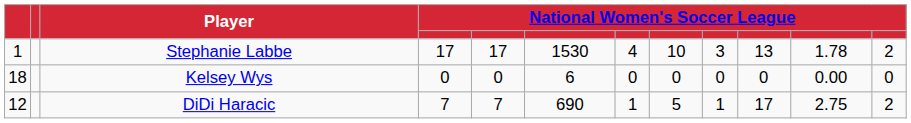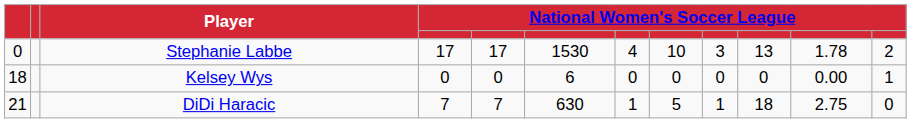 <table class="wikitable" style="text-align:center;">
 <tr>
 <td rowspan="2"  style="color:white; background:#D52635; width:1%; text-align:center;"><strong></strong></td>
 <td rowspan="2"  style="color:white; background:#D52635; width:1%; text-align:center;"><strong></strong></td>
 <td rowspan="2"  style="color:white; background:#D52635; width:42%; text-align:center;"><strong>Player</strong></td>
 <td colspan="9" style="color:white; background:#D52635; text-align:center;"><strong><a href='#'>National Women's Soccer League</a></strong></td>
 </tr>
 <tr>
 <th style="color:white; background:#D52635; width=60"></th>
 <th style="color:white; background:#D52635; width=60"></th>
 <th style="color:white; background:#D52635; width=60"></th>
 <th style="color:white; background:#D52635; width=60"></th>
 <th style="color:white; background:#D52635; width=60"></th>
 <th style="color:white; background:#D52635; width=60"></th>
 <th style="color:white; background:#D52635; width=60"></th>
 <th style="color:white; background:#D52635; width=60"></th>
 <th style="color:white; background:#D52635; width=60"></th>
 </tr>
 <tr>
-<td>1</td>
+<td>0</td>
 <td></td>
 <td><a href='#'>Stephanie Labbe</a></td>
 <td>17</td>
 <td>17</td>
 <td>1530</td>
 <td>4</td>
 <td>10</td>
 <td>3</td>
 <td>13</td>
 <td>1.78</td>
 <td>2</td>
 </tr>
 <tr>
 <td>18</td>
 <td></td>
 <td><a href='#'>Kelsey Wys</a></td>
 <td>0</td>
 <td>0</td>
 <td>6</td>
 <td>0</td>
 <td>0</td>
 <td>0</td>
 <td>0</td>
 <td>0.00</td>
-<td>0</td>
+<td>1</td>
 </tr>
 <tr>
-<td>12</td>
+<td>21</td>
 <td></td>
 <td><a href='#'>DiDi Haracic</a></td>
 <td>7</td>
 <td>7</td>
-<td>690</td>
+<td>630</td>
 <td>1</td>
 <td>5</td>
 <td>1</td>
-<td>17</td>
+<td>18</td>
 <td>2.75</td>
-<td>2</td>
+<td>0</td>
 </tr>
 </table>
